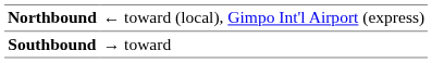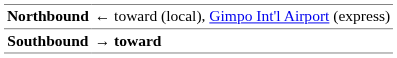 <table border="1" cellspacing="0" cellpadding="3" frame="hsides" rules="rows">
 <tr>
 <th><span>Northbound</span></th>
 <td>←  toward  (local), <a href='#'>Gimpo Int'l Airport</a> (express)</td>
 </tr>
 <tr>
 <th><span>Southbound</span></th>
-<td>→  toward </td>
+<td><strong>→  toward </strong></td>
 </tr>
 </table>
